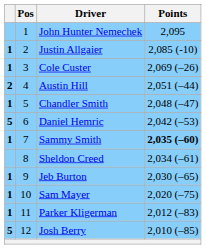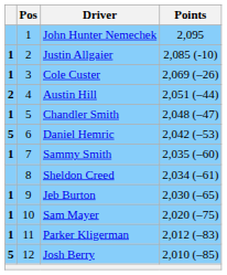 <table class="wikitable" style="font-size: 95%;">
 <tr>
 <th></th>
 <th>Pos</th>
 <th>Driver</th>
 <th>Points</th>
 </tr>
 <tr style="background:#87CEFA;">
 <td align="left"></td>
 <td style="text-align:center;">1</td>
 <td><a href='#'>John Hunter Nemechek</a></td>
 <td style="text-align:center;">2,095</td>
 </tr>
 <tr style="background:#87CEFA;">
 <td align="left"> <strong>1</strong></td>
 <td style="text-align:center;">2</td>
 <td><a href='#'>Justin Allgaier</a></td>
 <td style="text-align:center;">2,085 (-10)</td>
 </tr>
 <tr style="background:#87CEFA;">
 <td align="left"> <strong>1</strong></td>
 <td style="text-align:center;">3</td>
 <td><a href='#'>Cole Custer</a></td>
 <td style="text-align:center;">2,069 (–26)</td>
 </tr>
 <tr style="background:#87CEFA;">
 <td align="left"> <strong>2</strong></td>
 <td style="text-align:center;">4</td>
 <td><a href='#'>Austin Hill</a></td>
 <td style="text-align:center;">2,051 (–44)</td>
 </tr>
 <tr style="background:#87CEFA;">
 <td align="left"> <strong>1</strong></td>
 <td style="text-align:center;">5</td>
 <td><a href='#'>Chandler Smith</a></td>
 <td style="text-align:center;">2,048 (–47)</td>
 </tr>
 <tr style="background:#87CEFA;">
 <td align="left"> <strong>5</strong></td>
 <td style="text-align:center;">6</td>
 <td><a href='#'>Daniel Hemric</a></td>
 <td style="text-align:center;">2,042 (–53)</td>
 </tr>
 <tr style="background:#87CEFA;">
 <td align="left"> <strong>1</strong></td>
 <td style="text-align:center;">7</td>
 <td><a href='#'>Sammy Smith</a></td>
-<td style="text-align:center;"><strong>2,035 (–60)</strong></td>
+<td style="text-align:center;">2,035 (–60)</td>
 </tr>
 <tr style="background:#87CEFA;">
 <td align="left"></td>
 <td style="text-align:center;">8</td>
 <td><a href='#'>Sheldon Creed</a></td>
 <td style="text-align:center;">2,034 (–61)</td>
 </tr>
 <tr style="background:#87CEFA;">
 <td align="left"> <strong>1</strong></td>
 <td style="text-align:center;">9</td>
 <td><a href='#'>Jeb Burton</a></td>
 <td style="text-align:center;">2,030 (–65)</td>
 </tr>
 <tr style="background:#87CEFA;">
 <td align="left"> <strong>1</strong></td>
 <td style="text-align:center;">10</td>
 <td><a href='#'>Sam Mayer</a></td>
 <td style="text-align:center;">2,020 (–75)</td>
 </tr>
 <tr style="background:#87CEFA;">
 <td align="left"> <strong>1</strong></td>
 <td style="text-align:center;">11</td>
 <td><a href='#'>Parker Kligerman</a></td>
 <td style="text-align:center;">2,012 (–83)</td>
 </tr>
 <tr style="background:#87CEFA;">
 <td align="left"> <strong>5</strong></td>
 <td style="text-align:center;">12</td>
 <td><a href='#'>Josh Berry</a></td>
 <td style="text-align:center;">2,010 (–85)</td>
 </tr>
 <tr class="sortbottom">
 <th colspan="9"></th>
 </tr>
 </table>
